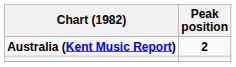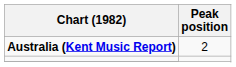 <table class="wikitable">
 <tr>
 <th>Chart (1982)</th>
 <th>Peak<br>position</th>
 </tr>
 <tr>
 <td><strong>Australia (<a href='#'>Kent Music Report</a>)</strong></td>
-<td style="text-align:center;"><strong>2</strong></td>
+<td style="text-align:center;">2</td>
 </tr>
 <tr>
 <td></td>
 </tr>
 <tr>
 </tr>
 </table>
